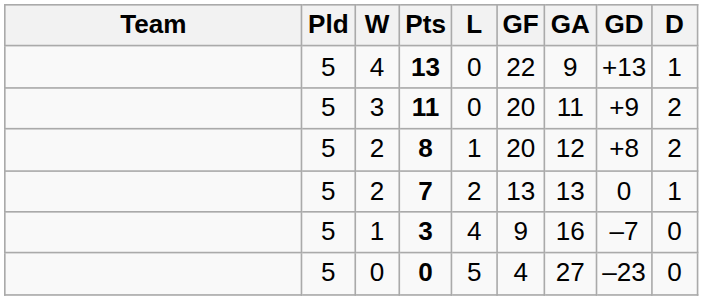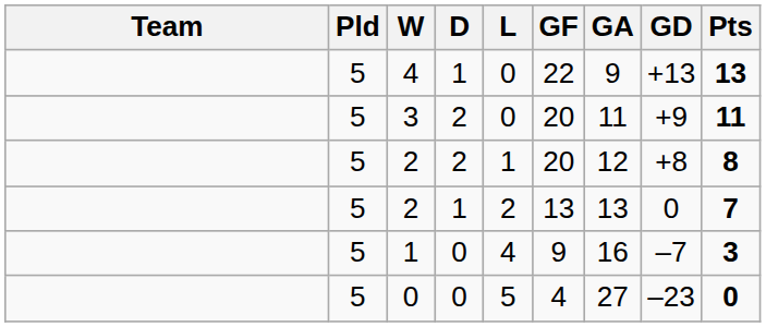 <table class=wikitable style="text-align:center">
 <tr>
 <th width="175">Team</th>
 <th width="20">Pld</th>
 <th width="20">W</th>
-<th width="20">Pts</th>
+<th width="20">D</th>
 <th width="20">L</th>
 <th width="20">GF</th>
 <th width="20">GA</th>
 <th width="20">GD</th>
-<th width="20">D</th>
+<th width="20">Pts</th>
 </tr>
 <tr>
 <td align=left></td>
 <td>5</td>
 <td>4</td>
-<td><strong>13</strong></td>
+<td>1</td>
 <td>0</td>
 <td>22</td>
 <td>9</td>
 <td>+13</td>
-<td>1</td>
+<td><strong>13</strong></td>
 </tr>
 <tr>
 <td align=left></td>
 <td>5</td>
 <td>3</td>
-<td><strong>11</strong></td>
+<td>2</td>
 <td>0</td>
 <td>20</td>
 <td>11</td>
 <td>+9</td>
-<td>2</td>
+<td><strong>11</strong></td>
 </tr>
 <tr>
 <td align=left></td>
 <td>5</td>
 <td>2</td>
-<td><strong>8</strong></td>
+<td>2</td>
 <td>1</td>
 <td>20</td>
 <td>12</td>
 <td>+8</td>
-<td>2</td>
+<td><strong>8</strong></td>
 </tr>
 <tr>
 <td align=left></td>
 <td>5</td>
 <td>2</td>
-<td><strong>7</strong></td>
+<td>1</td>
 <td>2</td>
 <td>13</td>
 <td>13</td>
 <td>0</td>
-<td>1</td>
+<td><strong>7</strong></td>
 </tr>
 <tr>
 <td align=left></td>
 <td>5</td>
 <td>1</td>
-<td><strong>3</strong></td>
+<td>0</td>
 <td>4</td>
 <td>9</td>
 <td>16</td>
 <td>–7</td>
-<td>0</td>
+<td><strong>3</strong></td>
 </tr>
 <tr>
 <td align=left></td>
 <td>5</td>
 <td>0</td>
-<td><strong>0</strong></td>
+<td>0</td>
 <td>5</td>
 <td>4</td>
 <td>27</td>
 <td>–23</td>
-<td>0</td>
+<td><strong>0</strong></td>
 </tr>
 </table>
